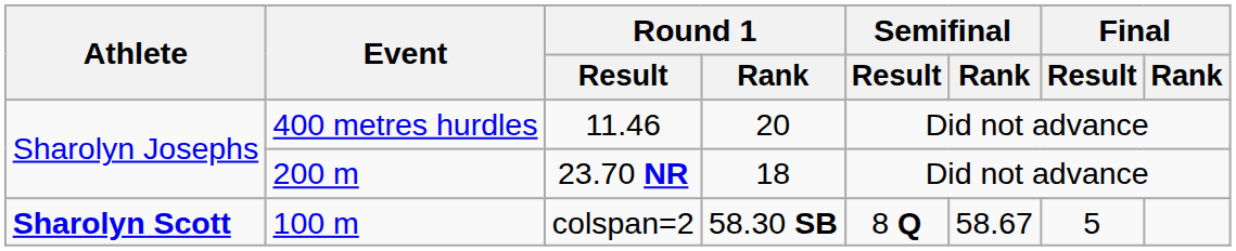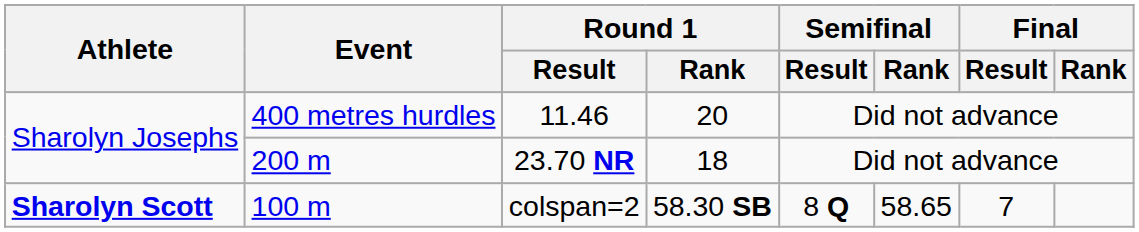 <table class=wikitable style="font-size:90%">
 <tr>
 <th rowspan="2">Athlete</th>
 <th rowspan="2">Event</th>
 <th colspan="2">Round 1</th>
 <th colspan="2">Semifinal</th>
 <th colspan="2">Final</th>
 </tr>
 <tr style="font-size:95%">
 <th>Result</th>
 <th>Rank</th>
 <th>Result</th>
 <th>Rank</th>
 <th>Result</th>
 <th>Rank</th>
 </tr>
 <tr align=center>
 <td align=left rowspan=2><a href='#'>Sharolyn Josephs</a></td>
 <td align=left><a href='#'>400 metres hurdles</a></td>
 <td>11.46</td>
 <td>20</td>
 <td colspan=4>Did not advance</td>
 </tr>
 <tr align=center>
 <td align=left><a href='#'>200 m</a></td>
 <td>23.70 <strong><a href='#'>NR</a></strong></td>
 <td>18</td>
 <td colspan=4>Did not advance</td>
 </tr>
 <tr align=center>
 <td align=left><strong><a href='#'>Sharolyn Scott</a></strong></td>
 <td align=left><a href='#'>100 m</a></td>
 <td>colspan=2 </td>
 <td>58.30 <strong>SB</strong></td>
 <td>8 <strong>Q</strong></td>
-<td>58.67</td>
-<td>5</td>
+<td>58.65</td>
+<td>7</td>
 </tr>
 </table>
